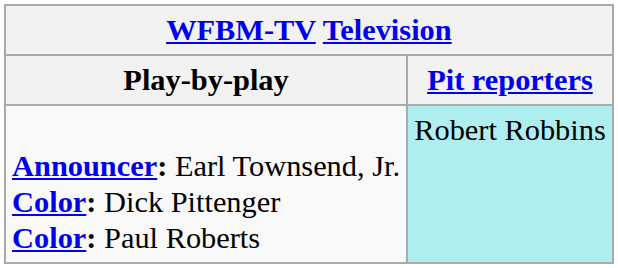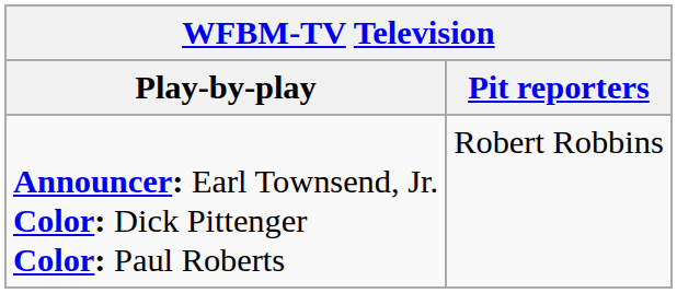 <table class="wikitable" style="font-size: 95%;">
 <tr>
 <th colspan=2><a href='#'>WFBM-TV</a> <a href='#'>Television</a></th>
 </tr>
 <tr>
 <th>Play-by-play</th>
 <th><a href='#'>Pit reporters</a></th>
 </tr>
 <tr>
 <td valign="top"><br><strong><a href='#'>Announcer</a>:</strong> Earl Townsend, Jr.<br> <strong><a href='#'>Color</a>:</strong> Dick Pittenger<br>  <strong><a href='#'>Color</a>:</strong> Paul Roberts<br></td>
-<td align="center" valign="top" style="background: paleturquoise;">Robert Robbins</td>
+<td align="center" valign="top">Robert Robbins</td>
 </tr>
 </table>
